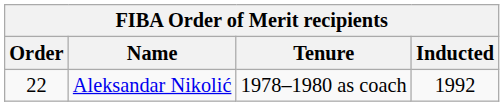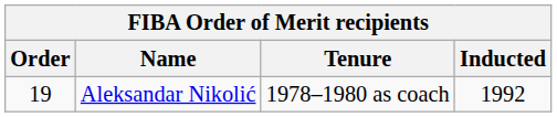 <table class="wikitable" style="text-align:center">
 <tr>
 <th colspan="5">FIBA Order of Merit recipients</th>
 </tr>
 <tr>
 <th>Order</th>
 <th>Name</th>
 <th>Tenure</th>
 <th>Inducted</th>
 </tr>
 <tr>
-<td>22</td>
+<td>19</td>
 <td><a href='#'>Aleksandar Nikolić</a></td>
 <td>1978–1980 as coach</td>
 <td>1992</td>
 </tr>
 </table>
